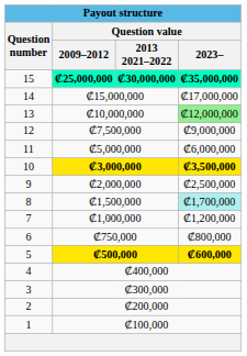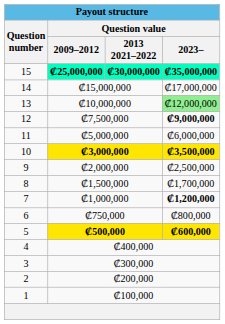 <table class="wikitable" style="text-align:center;">
 <tr>
 <th colspan="4" style="background: #58B9E4">Payout structure</th>
 </tr>
 <tr>
 <th rowspan="2">Question<br>number</th>
 <th colspan="3">Question value</th>
 </tr>
 <tr>
 <th>2009–2012</th>
 <th>2013<br>2021–2022</th>
 <th>2023–</th>
 </tr>
 <tr>
 <td>15</td>
 <td style="background: #00FFBF"><strong>₡25,000,000</strong></td>
 <td style="background: #00FFBF"><strong>₡30,000,000</strong></td>
 <td style="background: #00FFBF"><strong>₡35,000,000</strong></td>
 </tr>
 <tr>
 <td>14</td>
 <td colspan="2">₡15,000,000</td>
 <td>₡17,000,000</td>
 </tr>
 <tr>
 <td>13</td>
 <td colspan="2">₡10,000,000</td>
 <td style="background: lightgreen;">₡12,000,000</td>
 </tr>
 <tr>
 <td>12</td>
 <td colspan="2">₡7,500,000</td>
-<td>₡9,000,000</td>
+<td><strong>₡9,000,000</strong></td>
 </tr>
 <tr>
 <td>11</td>
 <td colspan="2">₡5,000,000</td>
 <td>₡6,000,000</td>
 </tr>
 <tr>
 <td>10</td>
 <td colspan="2" style="background: #FFE600"><strong>₡3,000,000</strong></td>
 <td style="background: #FFE600"><strong>₡3,500,000</strong></td>
 </tr>
 <tr>
 <td>9</td>
 <td colspan="2">₡2,000,000</td>
 <td>₡2,500,000</td>
 </tr>
 <tr>
 <td>8</td>
 <td colspan="2">₡1,500,000</td>
-<td style="background: paleturquoise;">₡1,700,000</td>
+<td>₡1,700,000</td>
 </tr>
 <tr>
 <td>7</td>
 <td colspan="2">₡1,000,000</td>
-<td>₡1,200,000</td>
+<td><strong>₡1,200,000</strong></td>
 </tr>
 <tr>
 <td>6</td>
 <td colspan="2">₡750,000</td>
 <td>₡800,000</td>
 </tr>
 <tr>
 <td>5</td>
 <td colspan="2" style="background: #FFE600"><strong>₡500,000</strong></td>
 <td style="background: #FFE600"><strong>₡600,000</strong></td>
 </tr>
 <tr>
 <td>4</td>
 <td colspan="3">₡400,000</td>
 </tr>
 <tr>
 <td>3</td>
 <td colspan="3">₡300,000</td>
 </tr>
 <tr>
 <td>2</td>
 <td colspan="3">₡200,000</td>
 </tr>
 <tr>
 <td>1</td>
 <td colspan="3">₡100,000</td>
 </tr>
 <tr>
 <th colspan="4" style="text-align:left"><br></th>
 </tr>
 </table>
